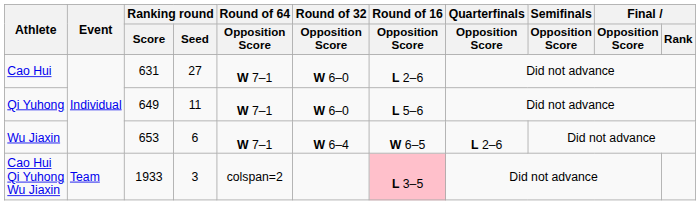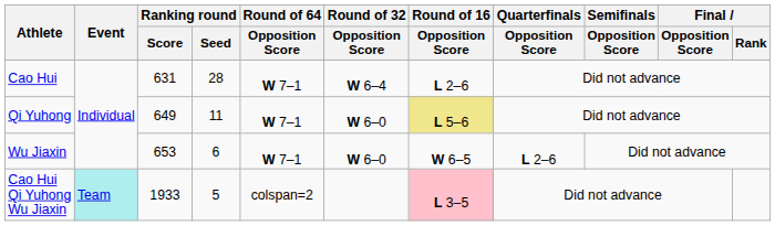 <table class="wikitable" style="font-size:90%">
 <tr>
 <th rowspan=2>Athlete</th>
 <th rowspan=2>Event</th>
 <th colspan="2">Ranking round</th>
 <th>Round of 64</th>
 <th>Round of 32</th>
 <th>Round of 16</th>
 <th>Quarterfinals</th>
 <th>Semifinals</th>
 <th colspan="2">Final / </th>
 </tr>
 <tr style="font-size:95%">
 <th>Score</th>
 <th>Seed</th>
 <th>Opposition<br>Score</th>
 <th>Opposition<br>Score</th>
 <th>Opposition<br>Score</th>
 <th>Opposition<br>Score</th>
 <th>Opposition<br>Score</th>
 <th>Opposition<br>Score</th>
 <th>Rank</th>
 </tr>
 <tr align=center>
 <td align=left><a href='#'>Cao Hui</a></td>
 <td align=left rowspan=3><a href='#'>Individual</a></td>
 <td>631</td>
-<td>27</td>
+<td>28</td>
 <td><br><strong>W</strong> 7–1</td>
-<td><br><strong>W</strong> 6–0</td>
+<td><br><strong>W</strong> 6–4</td>
 <td><br><strong>L</strong> 2–6</td>
 <td colspan=4>Did not advance</td>
 </tr>
 <tr align=center>
 <td align=left><a href='#'>Qi Yuhong</a></td>
 <td>649</td>
 <td>11</td>
 <td><br><strong>W</strong> 7–1</td>
 <td><br><strong>W</strong> 6–0</td>
-<td><br><strong>L</strong> 5–6</td>
+<td style="background: khaki;"><br><strong>L</strong> 5–6</td>
 <td colspan=4>Did not advance</td>
 </tr>
 <tr align=center>
 <td align=left><a href='#'>Wu Jiaxin</a></td>
 <td>653</td>
 <td>6</td>
 <td><br><strong>W</strong> 7–1</td>
-<td><br><strong>W</strong> 6–4</td>
+<td><br><strong>W</strong> 6–0</td>
 <td><br><strong>W</strong> 6–5</td>
 <td><br><strong>L</strong> 2–6</td>
 <td colspan=3>Did not advance</td>
 </tr>
 <tr align=center>
 <td align=left><a href='#'>Cao Hui</a><br><a href='#'>Qi Yuhong</a><br><a href='#'>Wu Jiaxin</a></td>
-<td align=left><a href='#'>Team</a></td>
+<td align=left style="background: paleturquoise;"><a href='#'>Team</a></td>
 <td>1933</td>
-<td>3</td>
+<td>5</td>
 <td>colspan=2 </td>
 <td></td>
 <td style="background: pink;"><br><strong>L</strong> 3–5</td>
 <td colspan=3>Did not advance</td>
 </tr>
 </table>
